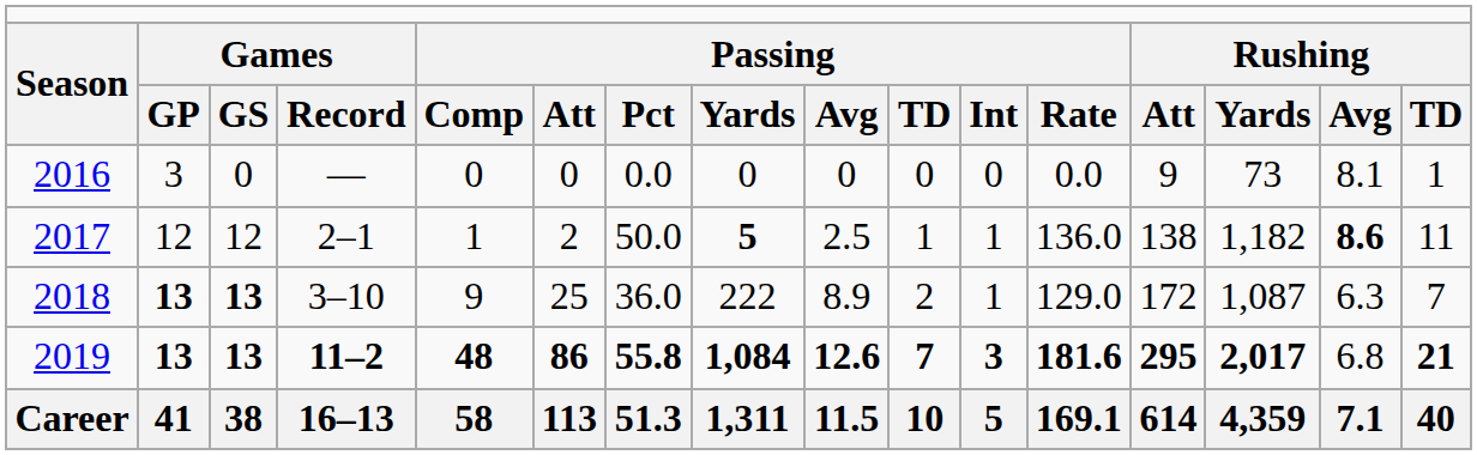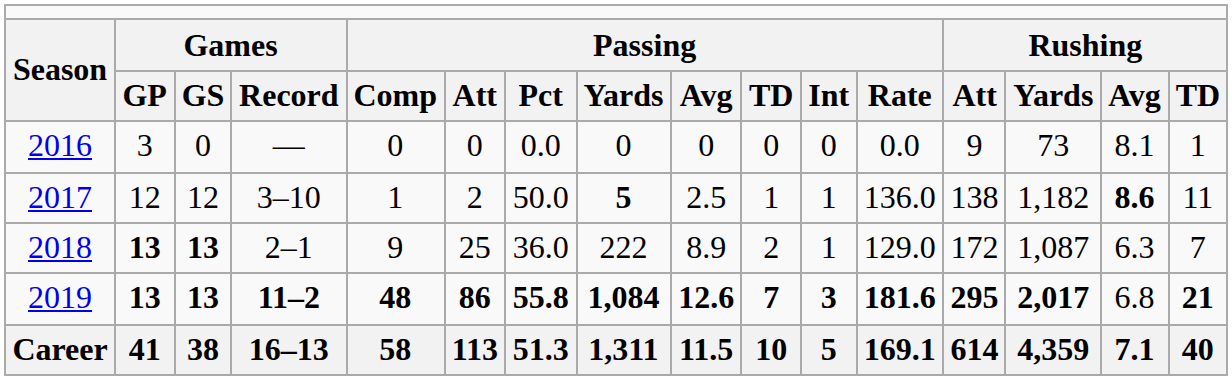 <table class=wikitable style="text-align:center;">
 <tr>
 </tr>
 <tr>
 <td ! colspan="16"></td>
 </tr>
 <tr>
 <th rowspan="2">Season</th>
 <th colspan="3">Games</th>
 <th colspan="8">Passing</th>
 <th colspan="5">Rushing</th>
 </tr>
 <tr>
 <th>GP</th>
 <th>GS</th>
 <th>Record</th>
 <th>Comp</th>
 <th>Att</th>
 <th>Pct</th>
 <th>Yards</th>
 <th>Avg</th>
 <th>TD</th>
 <th>Int</th>
 <th>Rate</th>
 <th>Att</th>
 <th>Yards</th>
 <th>Avg</th>
 <th>TD</th>
 </tr>
 <tr>
 <td><a href='#'>2016</a></td>
 <td>3</td>
 <td>0</td>
 <td>—</td>
 <td>0</td>
 <td>0</td>
 <td>0.0</td>
 <td>0</td>
 <td>0</td>
 <td>0</td>
 <td>0</td>
 <td>0.0</td>
 <td>9</td>
 <td>73</td>
 <td>8.1</td>
 <td>1</td>
 </tr>
 <tr>
 <td><a href='#'>2017</a></td>
 <td>12</td>
 <td>12</td>
-<td>2–1</td>
+<td>3–10</td>
 <td>1</td>
 <td>2</td>
 <td>50.0</td>
 <td><strong>5</strong></td>
 <td>2.5</td>
 <td>1</td>
 <td>1</td>
 <td>136.0</td>
 <td>138</td>
 <td>1,182</td>
 <td><strong>8.6</strong></td>
 <td>11</td>
 </tr>
 <tr>
 <td><a href='#'>2018</a></td>
 <td><strong>13</strong></td>
 <td><strong>13</strong></td>
-<td>3–10</td>
+<td>2–1</td>
 <td>9</td>
 <td>25</td>
 <td>36.0</td>
 <td>222</td>
 <td>8.9</td>
 <td>2</td>
 <td>1</td>
 <td>129.0</td>
 <td>172</td>
 <td>1,087</td>
 <td>6.3</td>
 <td>7</td>
 </tr>
 <tr>
 <td><a href='#'>2019</a></td>
 <td><strong>13</strong></td>
 <td><strong>13</strong></td>
 <td><strong>11–2</strong></td>
 <td><strong>48</strong></td>
 <td><strong>86</strong></td>
 <td><strong>55.8</strong></td>
 <td><strong>1,084</strong></td>
 <td><strong>12.6</strong></td>
 <td><strong>7</strong></td>
 <td><strong>3</strong></td>
 <td><strong>181.6</strong></td>
 <td><strong>295</strong></td>
 <td><strong>2,017</strong></td>
 <td>6.8</td>
 <td><strong>21</strong></td>
 </tr>
 <tr>
 <th>Career</th>
 <th>41</th>
 <th>38</th>
 <th>16–13</th>
 <th>58</th>
 <th>113</th>
 <th>51.3</th>
 <th>1,311</th>
 <th>11.5</th>
 <th>10</th>
 <th>5</th>
 <th>169.1</th>
 <th>614</th>
 <th>4,359</th>
 <th>7.1</th>
 <th>40</th>
 </tr>
 </table>
